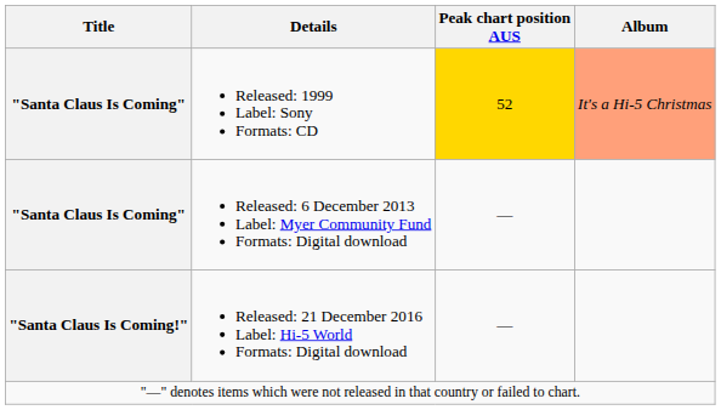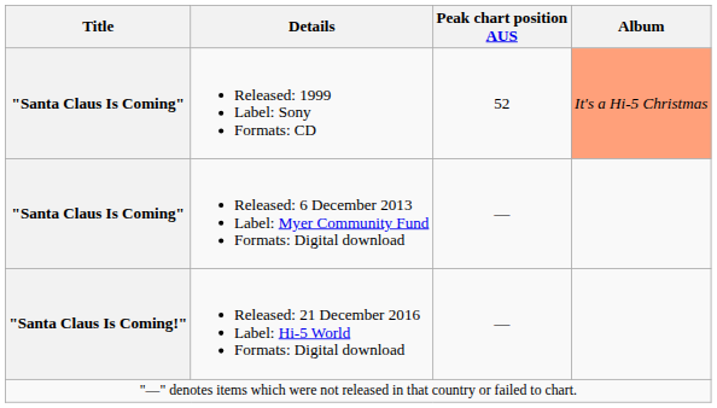 <table class="wikitable plainrowheaders">
 <tr>
 <th scope="col">Title</th>
 <th scope="col">Details</th>
 <th scope="col">Peak chart position<br><a href='#'>AUS</a><br></th>
 <th scope="col">Album</th>
 </tr>
 <tr>
 <th scope="row">"Santa Claus Is Coming"</th>
 <td><br><ul><li>Released: 1999</li><li>Label: Sony</li><li>Formats: CD</li></ul></td>
-<td style="background: gold; text-align:center;">52</td>
+<td style="text-align:center;">52</td>
 <td style="background: lightsalmon;"><em>It's a Hi-5 Christmas</em></td>
 </tr>
 <tr>
 <th scope="row">"Santa Claus Is Coming"</th>
 <td><br><ul><li>Released: 6 December 2013</li><li>Label: <a href='#'>Myer Community Fund</a></li><li>Formats: Digital download</li></ul></td>
 <td style="text-align:center;">—</td>
 <td> </td>
 </tr>
 <tr>
 <th scope="row">"Santa Claus Is Coming!"</th>
 <td><br><ul><li>Released: 21 December 2016</li><li>Label: <a href='#'>Hi-5 World</a></li><li>Formats: Digital download</li></ul></td>
 <td style="text-align:center;">—</td>
 <td> </td>
 </tr>
 <tr>
 <td colspan="6" style="text-align:center; font-size:90%">"—" denotes items which were not released in that country or failed to chart.</td>
 </tr>
 </table>
